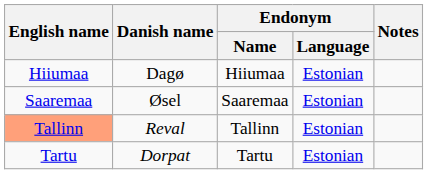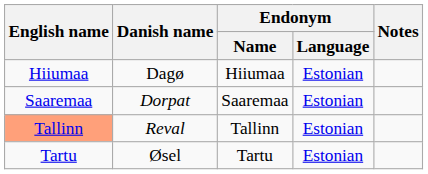 <table class="wikitable sortable mw-collapsible" style="text-align:center">
 <tr>
 <th rowspan="2">English name</th>
 <th rowspan="2">Danish name</th>
 <th colspan="2">Endonym</th>
 <th rowspan="2">Notes</th>
 </tr>
 <tr>
 <th>Name</th>
 <th>Language</th>
 </tr>
 <tr>
 <td><a href='#'>Hiiumaa</a></td>
 <td>Dagø</td>
 <td>Hiiumaa</td>
 <td><a href='#'>Estonian</a></td>
 <td></td>
 </tr>
 <tr>
 <td><a href='#'>Saaremaa</a></td>
-<td>Øsel</td>
+<td><em>Dorpat</em></td>
 <td>Saaremaa</td>
 <td><a href='#'>Estonian</a></td>
 <td></td>
 </tr>
 <tr>
 <td style="background: lightsalmon;"><a href='#'>Tallinn</a></td>
 <td><em>Reval</em></td>
 <td>Tallinn</td>
 <td><a href='#'>Estonian</a></td>
 <td></td>
 </tr>
 <tr>
 <td><a href='#'>Tartu</a></td>
-<td><em>Dorpat</em></td>
+<td>Øsel</td>
 <td>Tartu</td>
 <td><a href='#'>Estonian</a></td>
 <td></td>
 </tr>
 </table>
